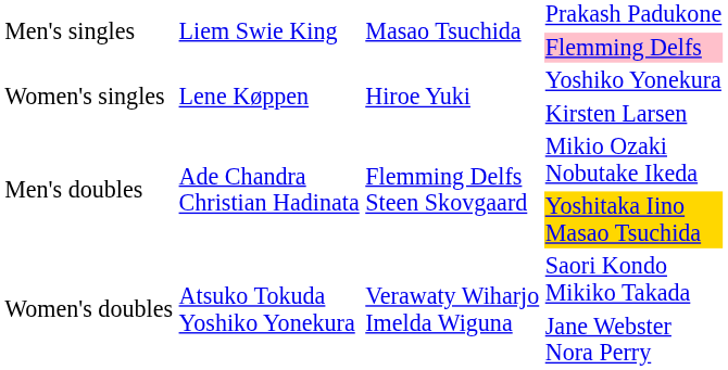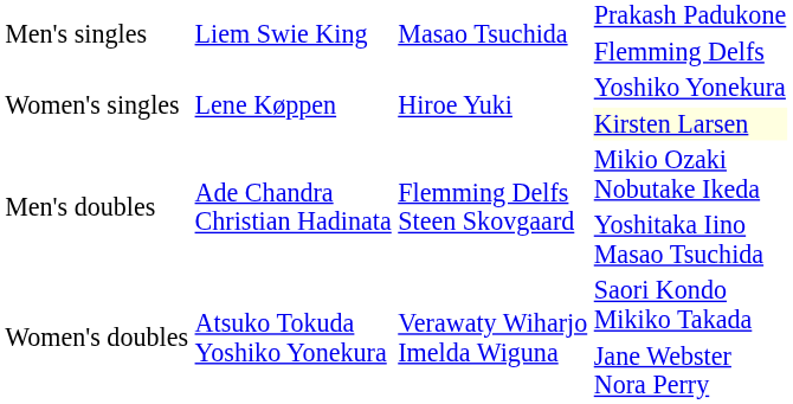 <table>
 <tr>
 <td rowspan=2>Men's singles</td>
 <td rowspan=2> <a href='#'>Liem Swie King</a></td>
 <td rowspan=2> <a href='#'>Masao Tsuchida</a></td>
 <td> <a href='#'>Prakash Padukone</a></td>
 </tr>
 <tr>
-<td style="background: pink;"> <a href='#'>Flemming Delfs</a></td>
+<td> <a href='#'>Flemming Delfs</a></td>
 </tr>
 <tr>
 <td rowspan=2>Women's singles</td>
 <td rowspan=2> <a href='#'>Lene Køppen</a></td>
 <td rowspan=2> <a href='#'>Hiroe Yuki</a></td>
 <td> <a href='#'>Yoshiko Yonekura</a></td>
 </tr>
 <tr>
-<td> <a href='#'>Kirsten Larsen</a></td>
+<td style="background: lightyellow;"> <a href='#'>Kirsten Larsen</a></td>
 </tr>
 <tr>
 <td rowspan=2>Men's doubles</td>
 <td rowspan=2> <a href='#'>Ade Chandra</a> <br>  <a href='#'>Christian Hadinata</a></td>
 <td rowspan=2> <a href='#'>Flemming Delfs</a> <br>  <a href='#'>Steen Skovgaard</a></td>
 <td> <a href='#'>Mikio Ozaki</a> <br>  <a href='#'>Nobutake Ikeda</a></td>
 </tr>
 <tr>
-<td style="background: gold;"> <a href='#'>Yoshitaka Iino</a> <br>  <a href='#'>Masao Tsuchida</a></td>
+<td> <a href='#'>Yoshitaka Iino</a> <br>  <a href='#'>Masao Tsuchida</a></td>
 </tr>
 <tr>
 <td rowspan=2>Women's doubles</td>
 <td rowspan=2> <a href='#'>Atsuko Tokuda</a> <br>  <a href='#'>Yoshiko Yonekura</a></td>
 <td rowspan=2> <a href='#'>Verawaty Wiharjo</a> <br>  <a href='#'>Imelda Wiguna</a></td>
 <td> <a href='#'>Saori Kondo</a> <br>  <a href='#'>Mikiko Takada</a></td>
 </tr>
 <tr>
 <td> <a href='#'>Jane Webster</a> <br>  <a href='#'>Nora Perry</a></td>
 </tr>
 </table>
